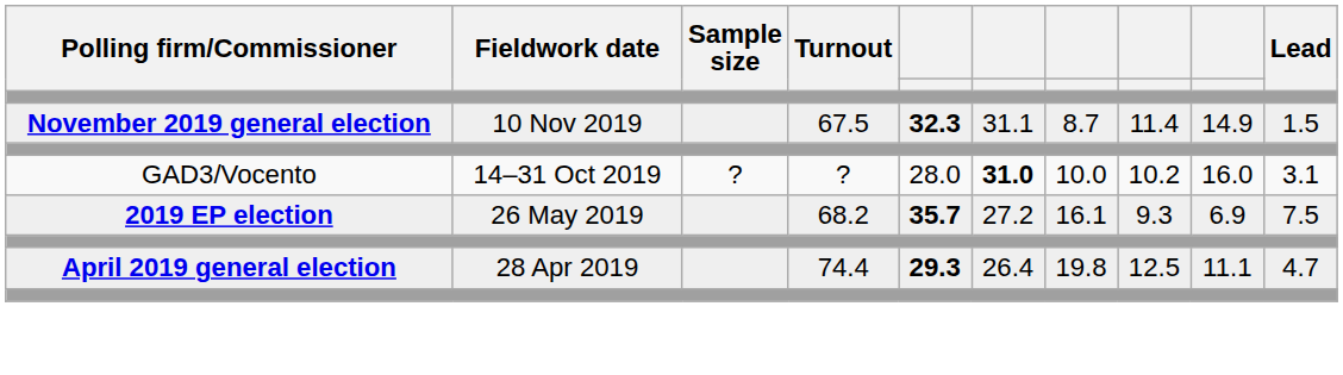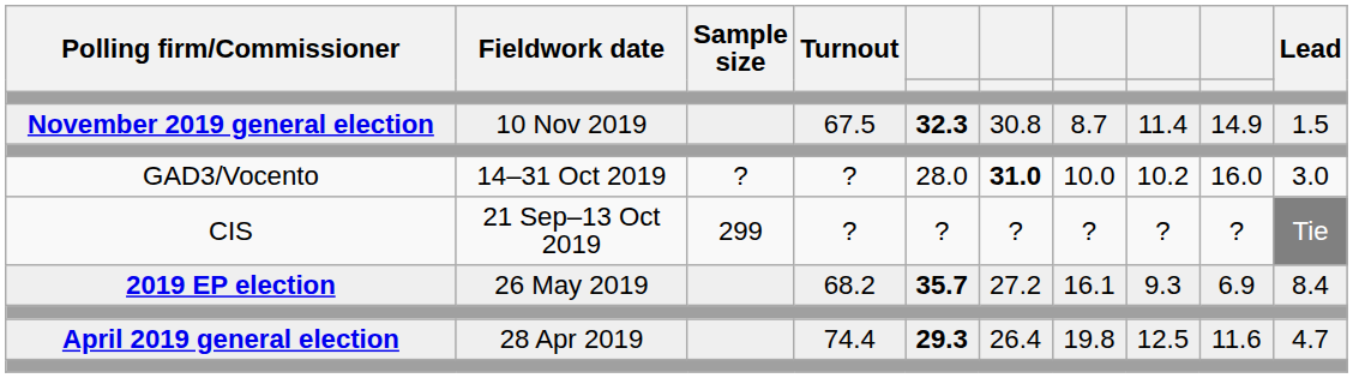 <table class="wikitable collapsible collapsed" style="text-align:center; font-size:95%; line-height:16px;">
 <tr style="height:42px;">
 <th style="width:250px;" rowspan="2">Polling firm/Commissioner</th>
 <th style="width:125px;" rowspan="2">Fieldwork date</th>
 <th style="width:50px;" rowspan="2">Sample size</th>
 <th style="width:45px;" rowspan="2">Turnout</th>
 <th style="width:35px;"></th>
 <th style="width:35px;"></th>
 <th style="width:35px;"></th>
 <th style="width:35px;"></th>
 <th style="width:35px;"></th>
 <th style="width:30px;" rowspan="2">Lead</th>
 </tr>
 <tr>
 <th style="color:inherit;background:"></th>
 <th style="color:inherit;background:"></th>
 <th style="color:inherit;background:"></th>
 <th style="color:inherit;background:"></th>
 <th style="color:inherit;background:"></th>
 </tr>
 <tr>
 <td colspan="10" style="background:#A0A0A0"></td>
 </tr>
 <tr style="background:#EFEFEF;">
 <td><strong><a href='#'>November 2019 general election</a></strong></td>
 <td>10 Nov 2019</td>
 <td></td>
 <td>67.5</td>
 <td><strong>32.3</strong><br></td>
-<td>31.1<br></td>
+<td>30.8<br></td>
 <td>8.7<br></td>
 <td>11.4<br></td>
 <td>14.9<br></td>
 <td style="background:">1.5</td>
 </tr>
 <tr>
 <td colspan="10" style="background:#A0A0A0"></td>
 </tr>
 <tr>
 <td>GAD3/Vocento</td>
 <td>14–31 Oct 2019</td>
 <td>?</td>
 <td>?</td>
 <td>28.0<br></td>
 <td><strong>31.0</strong><br></td>
 <td>10.0<br></td>
 <td>10.2<br></td>
 <td>16.0<br></td>
-<td style="background:">3.1</td>
+<td style="background:">3.0</td>
+</tr>
+<tr>
+<td>CIS</td>
+<td>21 Sep–13 Oct 2019</td>
+<td>299</td>
+<td>?</td>
+<td>?<br></td>
+<td>?<br></td>
+<td>?<br></td>
+<td>?<br></td>
+<td>?<br></td>
+<td style="background:gray;color:white;">Tie</td>
 </tr>
 <tr style="background:#EFEFEF;">
 <td><strong><a href='#'>2019 EP election</a></strong></td>
 <td>26 May 2019</td>
 <td></td>
 <td>68.2</td>
 <td><strong>35.7</strong><br></td>
 <td>27.2<br></td>
 <td>16.1<br></td>
 <td>9.3<br></td>
 <td>6.9<br></td>
-<td style="background:">7.5</td>
+<td style="background:">8.4</td>
 </tr>
 <tr>
 <td colspan="10" style="background:#A0A0A0"></td>
 </tr>
 <tr style="background:#EFEFEF;">
 <td><strong><a href='#'>April 2019 general election</a></strong></td>
 <td>28 Apr 2019</td>
 <td></td>
 <td>74.4</td>
 <td><strong>29.3</strong><br></td>
 <td>26.4<br></td>
 <td>19.8<br></td>
 <td>12.5<br></td>
-<td>11.1<br></td>
+<td>11.6<br></td>
 <td style="background:">4.7</td>
 </tr>
 <tr>
 <td colspan="10" style="background:#A0A0A0"></td>
 </tr>
 <tr>
 </tr>
 </table>
